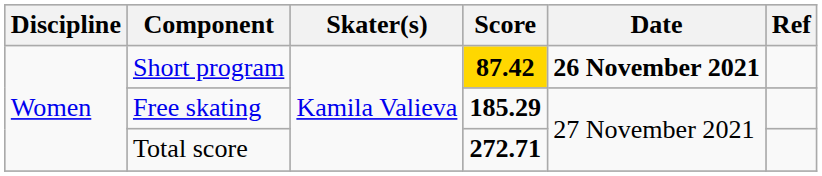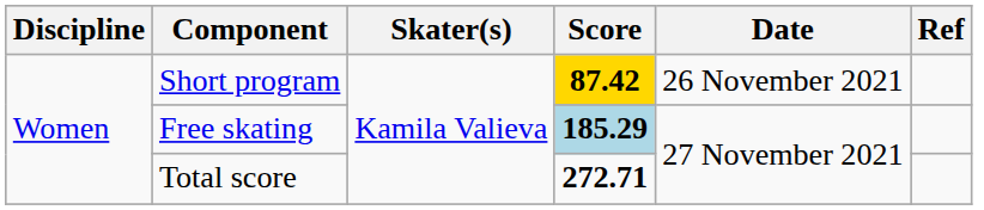 <table class="wikitable sortable">
 <tr>
 <th>Discipline</th>
 <th>Component</th>
 <th>Skater(s)</th>
 <th>Score</th>
 <th>Date</th>
 <th>Ref</th>
 </tr>
 <tr>
 <td rowspan=3><a href='#'>Women</a></td>
 <td><a href='#'>Short program</a></td>
 <td rowspan=3> <a href='#'>Kamila Valieva</a></td>
 <td align=center style="background: gold;"><strong>87.42</strong></td>
-<td><strong>26 November 2021</strong></td>
+<td>26 November 2021</td>
 <td></td>
 </tr>
 <tr>
 <td><a href='#'>Free skating</a></td>
-<td align=center><strong>185.29</strong></td>
+<td align=center style="background: lightblue;"><strong>185.29</strong></td>
 <td rowspan=2>27 November 2021</td>
 <td></td>
 </tr>
 <tr>
 <td>Total score</td>
 <td align=center><strong>272.71</strong></td>
 <td></td>
 </tr>
 </table>
